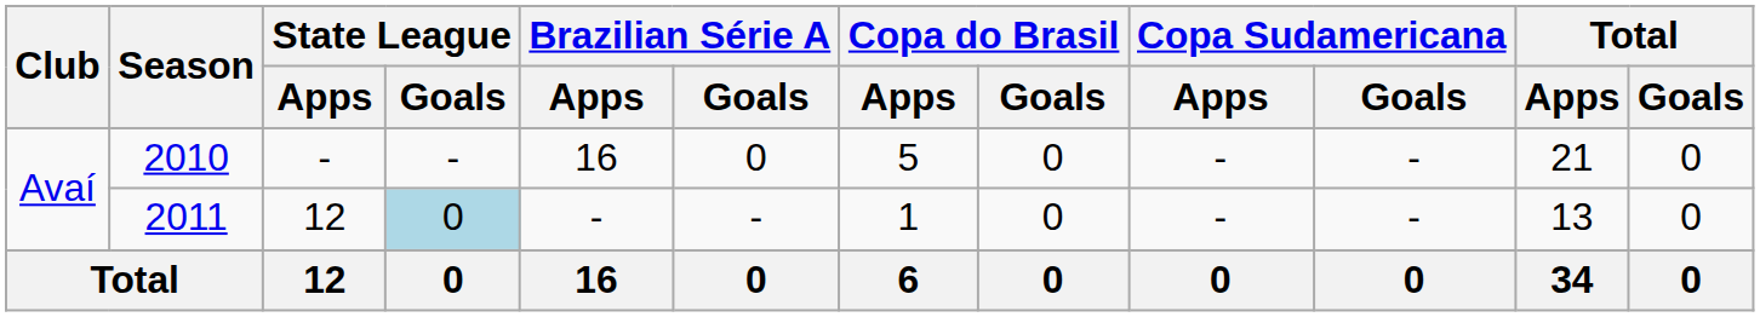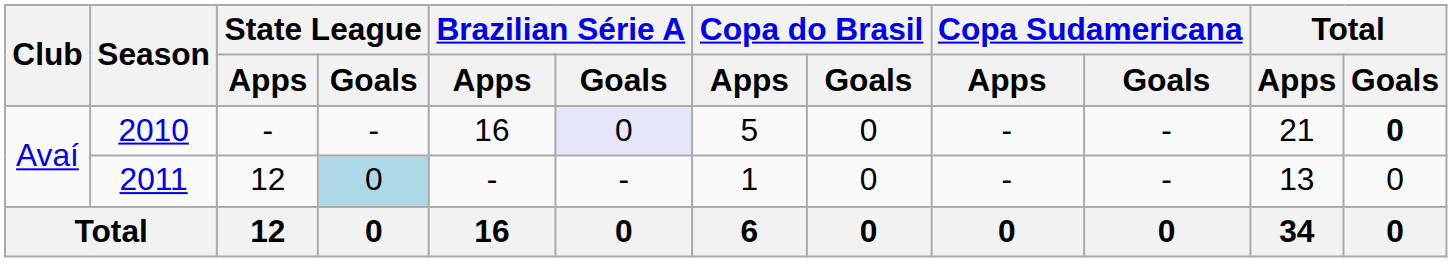 <table class="wikitable" style="text-align: center;">
 <tr>
 <th rowspan="2">Club</th>
 <th rowspan="2">Season</th>
 <th colspan="2">State League</th>
 <th colspan="2"><a href='#'>Brazilian Série A</a></th>
 <th colspan="2"><a href='#'>Copa do Brasil</a></th>
 <th colspan="2"><a href='#'>Copa Sudamericana</a></th>
 <th colspan="2">Total</th>
 </tr>
 <tr>
 <th>Apps</th>
 <th>Goals</th>
 <th>Apps</th>
 <th>Goals</th>
 <th>Apps</th>
 <th>Goals</th>
 <th>Apps</th>
 <th>Goals</th>
 <th>Apps</th>
 <th>Goals</th>
 </tr>
 <tr>
 <td rowspan="2" valign="center"><a href='#'>Avaí</a></td>
 <td><a href='#'>2010</a></td>
 <td>-</td>
 <td>-</td>
 <td>16</td>
-<td>0</td>
+<td style="background: lavender;">0</td>
 <td>5</td>
 <td>0</td>
 <td>-</td>
 <td>-</td>
 <td>21</td>
-<td>0</td>
+<td><strong>0</strong></td>
 </tr>
 <tr>
 <td><a href='#'>2011</a></td>
 <td>12</td>
 <td style="background: lightblue;">0</td>
 <td>-</td>
 <td>-</td>
 <td>1</td>
 <td>0</td>
 <td>-</td>
 <td>-</td>
 <td>13</td>
 <td>0</td>
 </tr>
 <tr>
 <th colspan="2"><strong>Total</strong></th>
 <th>12</th>
 <th>0</th>
 <th>16</th>
 <th>0</th>
 <th>6</th>
 <th>0</th>
 <th>0</th>
 <th>0</th>
 <th>34</th>
 <th>0</th>
 </tr>
 </table>
